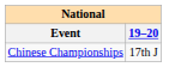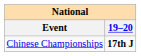 <table class="wikitable" style="text-align:center">
 <tr>
 <th colspan="2" style="background-color: #ffdead; " align="center">National</th>
 </tr>
 <tr>
 <th>Event</th>
 <th><a href='#'>19–20</a></th>
 </tr>
 <tr>
 <td align=left><a href='#'>Chinese Championships</a></td>
-<td>17th J</td>
+<td><strong>17th J</strong></td>
 </tr>
 </table>
